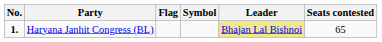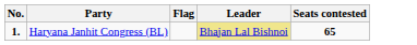 <table class="wikitable">
 <tr>
 <th>No.</th>
 <th>Party</th>
 <th>Flag</th>
-<th>Symbol</th>
 <th>Leader</th>
 <th>Seats contested</th>
 </tr>
 <tr>
 <td ! style="text-align:center; background:"><strong>1.</strong></td>
 <td style="text-align:center"><a href='#'>Haryana Janhit Congress (BL)</a></td>
 <td></td>
-<td></td>
 <td style="background: khaki; text-align:center"><a href='#'>Bhajan Lal Bishnoi</a></td>
-<td style="text-align:center">65</td>
+<td style="text-align:center"><strong>65</strong></td>
 </tr>
 </table>
